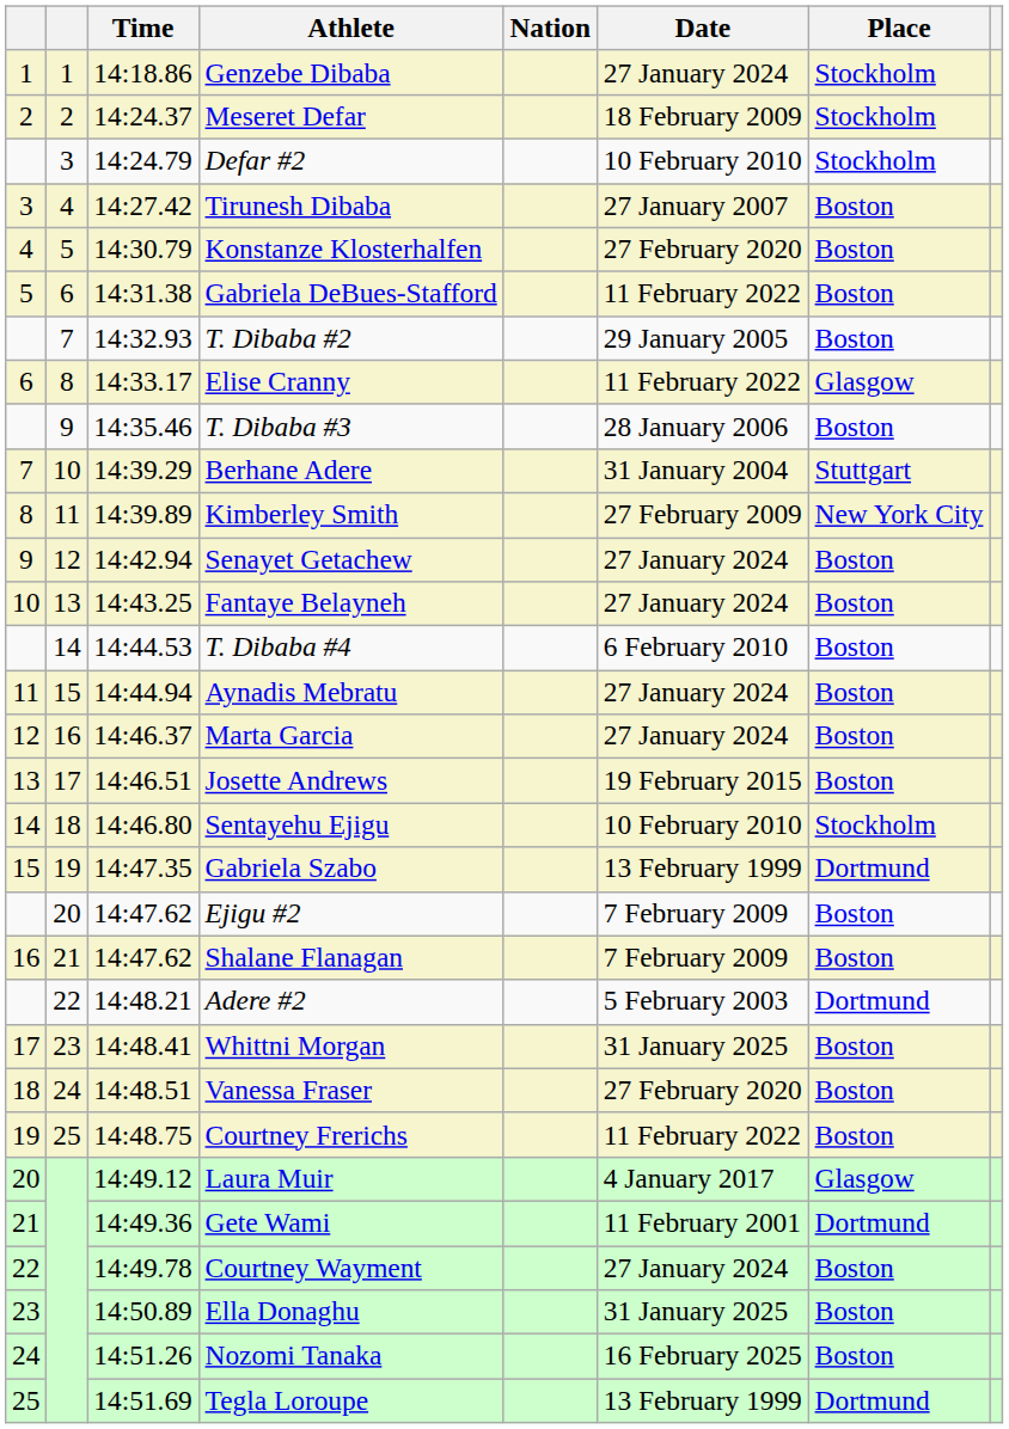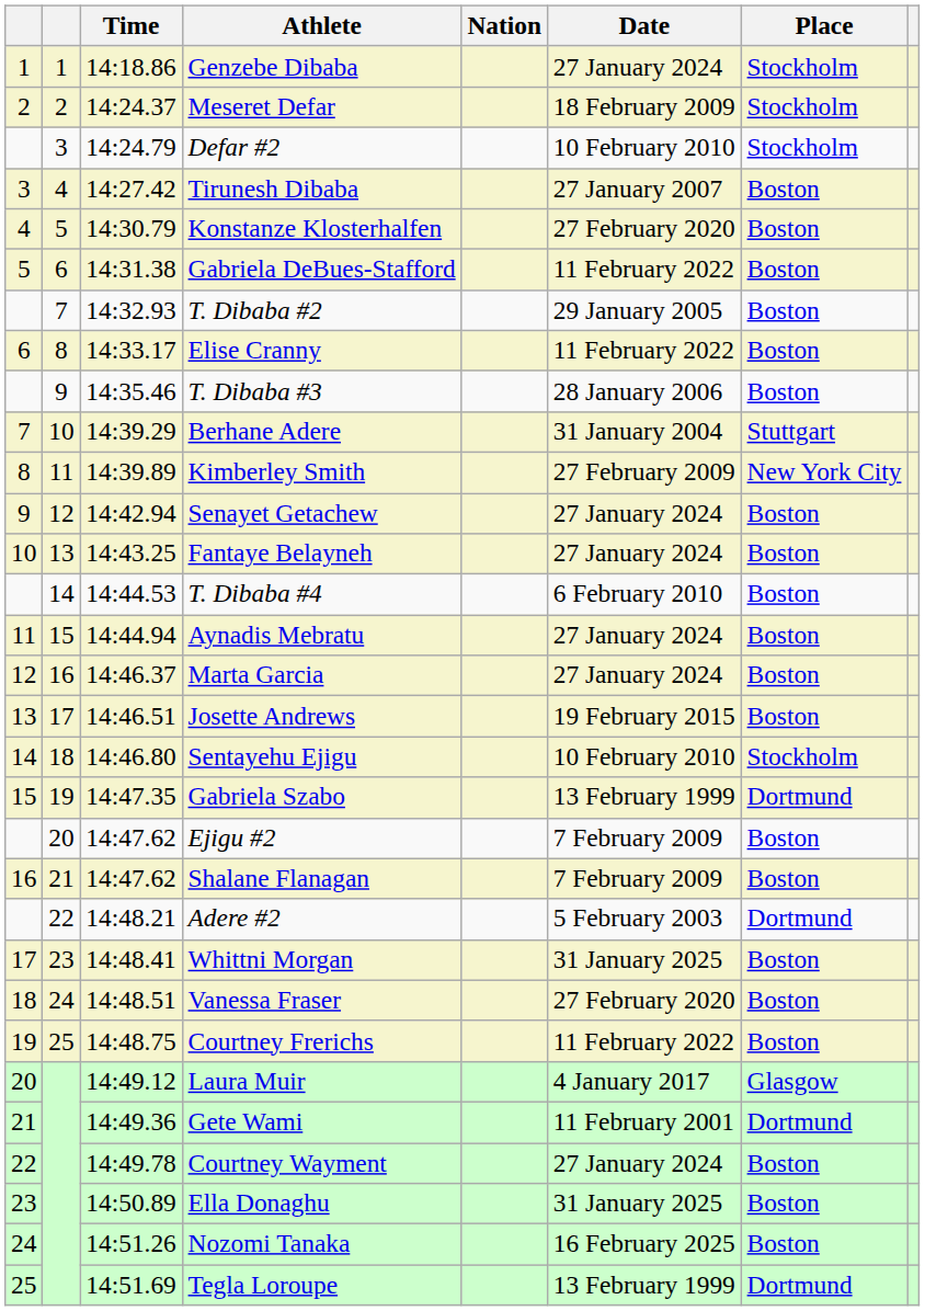 <table class="wikitable sortable" style="display: inline-table">
 <tr>
 <th></th>
 <th></th>
 <th>Time</th>
 <th>Athlete</th>
 <th>Nation</th>
 <th>Date</th>
 <th>Place</th>
 <th class="unsortable"></th>
 </tr>
 <tr bgcolor="#f6F5CE">
 <td align="center">1</td>
 <td align="center">1</td>
 <td>14:18.86</td>
 <td><a href='#'>Genzebe Dibaba</a></td>
 <td></td>
 <td>27 January 2024</td>
 <td><a href='#'>Stockholm</a></td>
 <td></td>
 </tr>
 <tr bgcolor="#f6F5CE">
 <td align="center">2</td>
 <td align="center">2</td>
 <td>14:24.37</td>
 <td><a href='#'>Meseret Defar</a></td>
 <td></td>
 <td>18 February 2009</td>
 <td><a href='#'>Stockholm</a></td>
 <td></td>
 </tr>
 <tr>
 <td></td>
 <td align="center">3</td>
 <td>14:24.79</td>
 <td><em>Defar #2</em></td>
 <td></td>
 <td>10 February 2010</td>
 <td><a href='#'>Stockholm</a></td>
 <td></td>
 </tr>
 <tr bgcolor="#f6F5CE">
 <td align="center">3</td>
 <td align="center">4</td>
 <td>14:27.42</td>
 <td><a href='#'>Tirunesh Dibaba</a></td>
 <td></td>
 <td>27 January 2007</td>
 <td><a href='#'>Boston</a></td>
 <td></td>
 </tr>
 <tr bgcolor="#f6F5CE">
 <td align="center">4</td>
 <td align="center">5</td>
 <td>14:30.79</td>
 <td><a href='#'>Konstanze Klosterhalfen</a></td>
 <td></td>
 <td>27 February 2020</td>
 <td><a href='#'>Boston</a></td>
 <td></td>
 </tr>
 <tr bgcolor="#f6F5CE">
 <td align="center">5</td>
 <td align="center">6</td>
 <td>14:31.38</td>
 <td><a href='#'>Gabriela DeBues-Stafford</a></td>
 <td></td>
 <td>11 February 2022</td>
 <td><a href='#'>Boston</a></td>
 <td></td>
 </tr>
 <tr>
 <td></td>
 <td align="center">7</td>
 <td>14:32.93</td>
 <td><em>T. Dibaba #2</em></td>
 <td></td>
 <td>29 January 2005</td>
 <td><a href='#'>Boston</a></td>
 <td></td>
 </tr>
 <tr bgcolor="#f6F5CE">
 <td align="center">6</td>
 <td align="center">8</td>
 <td>14:33.17</td>
 <td><a href='#'>Elise Cranny</a></td>
 <td></td>
 <td>11 February 2022</td>
-<td><a href='#'>Glasgow</a></td>
+<td><a href='#'>Boston</a></td>
 <td></td>
 </tr>
 <tr>
 <td></td>
 <td align="center">9</td>
 <td>14:35.46</td>
 <td><em>T. Dibaba #3</em></td>
 <td></td>
 <td>28 January 2006</td>
 <td><a href='#'>Boston</a></td>
 <td></td>
 </tr>
 <tr bgcolor="#f6F5CE">
 <td align="center">7</td>
 <td align="center">10</td>
 <td>14:39.29</td>
 <td><a href='#'>Berhane Adere</a></td>
 <td></td>
 <td>31 January 2004</td>
 <td><a href='#'>Stuttgart</a></td>
 <td></td>
 </tr>
 <tr bgcolor="#f6F5CE">
 <td align="center">8</td>
 <td align="center">11</td>
 <td>14:39.89</td>
 <td><a href='#'>Kimberley Smith</a></td>
 <td></td>
 <td>27 February 2009</td>
 <td><a href='#'>New York City</a></td>
 <td></td>
 </tr>
 <tr bgcolor="#f6F5CE">
 <td align="center">9</td>
 <td align="center">12</td>
 <td>14:42.94</td>
 <td><a href='#'>Senayet Getachew</a></td>
 <td></td>
 <td>27 January 2024</td>
 <td><a href='#'>Boston</a></td>
 <td></td>
 </tr>
 <tr bgcolor="#f6F5CE">
 <td align="center">10</td>
 <td align="center">13</td>
 <td>14:43.25</td>
 <td><a href='#'>Fantaye Belayneh</a></td>
 <td></td>
 <td>27 January 2024</td>
 <td><a href='#'>Boston</a></td>
 <td></td>
 </tr>
 <tr>
 <td></td>
 <td align="center">14</td>
 <td>14:44.53</td>
 <td><em>T. Dibaba #4</em></td>
 <td></td>
 <td>6 February 2010</td>
 <td><a href='#'>Boston</a></td>
 <td></td>
 </tr>
 <tr bgcolor="#f6F5CE">
 <td align="center">11</td>
 <td align="center">15</td>
 <td>14:44.94</td>
 <td><a href='#'>Aynadis Mebratu</a></td>
 <td></td>
 <td>27 January 2024</td>
 <td><a href='#'>Boston</a></td>
 <td></td>
 </tr>
 <tr bgcolor="#f6F5CE">
 <td align="center">12</td>
 <td align="center">16</td>
 <td>14:46.37</td>
 <td><a href='#'>Marta Garcia</a></td>
 <td></td>
 <td>27 January 2024</td>
 <td><a href='#'>Boston</a></td>
 <td></td>
 </tr>
 <tr bgcolor="#f6F5CE">
 <td align="center">13</td>
 <td align="center">17</td>
 <td>14:46.51</td>
 <td><a href='#'>Josette Andrews</a></td>
 <td></td>
 <td>19 February 2015</td>
 <td><a href='#'>Boston</a></td>
 <td></td>
 </tr>
 <tr bgcolor="#f6F5CE">
 <td align="center">14</td>
 <td align="center">18</td>
 <td>14:46.80</td>
 <td><a href='#'>Sentayehu Ejigu</a></td>
 <td></td>
 <td>10 February 2010</td>
 <td><a href='#'>Stockholm</a></td>
 <td></td>
 </tr>
 <tr bgcolor="#f6F5CE">
 <td align="center">15</td>
 <td align="center">19</td>
 <td>14:47.35</td>
 <td><a href='#'>Gabriela Szabo</a></td>
 <td></td>
 <td>13 February 1999</td>
 <td><a href='#'>Dortmund</a></td>
 <td></td>
 </tr>
 <tr>
 <td></td>
 <td align="center">20</td>
 <td>14:47.62</td>
 <td><em>Ejigu #2</em></td>
 <td></td>
 <td>7 February 2009</td>
 <td><a href='#'>Boston</a></td>
 <td></td>
 </tr>
 <tr bgcolor="#f6F5CE">
 <td align="center">16</td>
 <td align="center">21</td>
 <td>14:47.62</td>
 <td><a href='#'>Shalane Flanagan</a></td>
 <td></td>
 <td>7 February 2009</td>
 <td><a href='#'>Boston</a></td>
 <td></td>
 </tr>
 <tr>
 <td></td>
 <td align="center">22</td>
 <td>14:48.21</td>
 <td><em>Adere #2</em></td>
 <td></td>
 <td>5 February 2003</td>
 <td><a href='#'>Dortmund</a></td>
 <td></td>
 </tr>
 <tr bgcolor="#f6F5CE">
 <td align="center">17</td>
 <td align="center">23</td>
 <td>14:48.41</td>
 <td><a href='#'>Whittni Morgan</a></td>
 <td></td>
 <td>31 January 2025</td>
 <td><a href='#'>Boston</a></td>
 <td></td>
 </tr>
 <tr bgcolor="#f6F5CE">
 <td align="center">18</td>
 <td align="center">24</td>
 <td>14:48.51</td>
 <td><a href='#'>Vanessa Fraser</a></td>
 <td></td>
 <td>27 February 2020</td>
 <td><a href='#'>Boston</a></td>
 <td></td>
 </tr>
 <tr bgcolor="#f6F5CE">
 <td align="center">19</td>
 <td align="center">25</td>
 <td>14:48.75</td>
 <td><a href='#'>Courtney Frerichs</a></td>
 <td></td>
 <td>11 February 2022</td>
 <td><a href='#'>Boston</a></td>
 <td></td>
 </tr>
 <tr bgcolor="#CCFFCC">
 <td align="center">20</td>
 <td rowspan="6" align="center"></td>
 <td>14:49.12</td>
 <td><a href='#'>Laura Muir</a></td>
 <td></td>
 <td>4 January 2017</td>
 <td><a href='#'>Glasgow</a></td>
 <td></td>
 </tr>
 <tr bgcolor="#CCFFCC">
 <td align="center">21</td>
 <td>14:49.36</td>
 <td><a href='#'>Gete Wami</a></td>
 <td></td>
 <td>11 February 2001</td>
 <td><a href='#'>Dortmund</a></td>
 <td></td>
 </tr>
 <tr bgcolor="#CCFFCC">
 <td align="center">22</td>
 <td>14:49.78</td>
 <td><a href='#'>Courtney Wayment</a></td>
 <td></td>
 <td>27 January 2024</td>
 <td><a href='#'>Boston</a></td>
 <td></td>
 </tr>
 <tr bgcolor="#CCFFCC">
 <td align="center">23</td>
 <td>14:50.89</td>
 <td><a href='#'>Ella Donaghu</a></td>
 <td></td>
 <td>31 January 2025</td>
 <td><a href='#'>Boston</a></td>
 <td></td>
 </tr>
 <tr bgcolor="#CCFFCC">
 <td align="center">24</td>
 <td>14:51.26</td>
 <td><a href='#'>Nozomi Tanaka</a></td>
 <td></td>
 <td>16 February 2025</td>
 <td><a href='#'>Boston</a></td>
 <td></td>
 </tr>
 <tr bgcolor="#CCFFCC">
 <td align="center">25</td>
 <td>14:51.69</td>
 <td><a href='#'>Tegla Loroupe</a></td>
 <td></td>
 <td>13 February 1999</td>
 <td><a href='#'>Dortmund</a></td>
 <td></td>
 </tr>
 </table>
